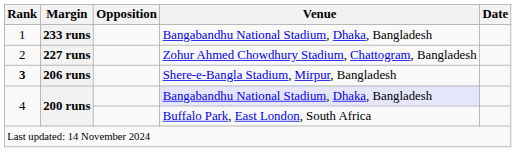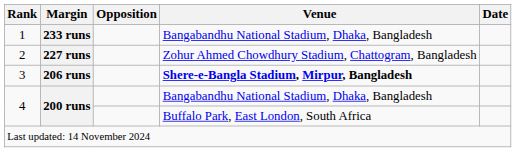 <table class="wikitable plainrowheaders sortable">
 <tr>
 <th scope=col>Rank</th>
 <th scope=col>Margin</th>
 <th scope=col>Opposition</th>
 <th scope=col>Venue</th>
 <th scope=col>Date</th>
 </tr>
 <tr>
 <td align=center>1</td>
 <th scope=row style="text-align:center;">233 runs</th>
 <td></td>
 <td><a href='#'>Bangabandhu National Stadium</a>, <a href='#'>Dhaka</a>, Bangladesh</td>
 <td></td>
 </tr>
 <tr>
 <td align=center>2</td>
 <th scope=row style="text-align:center;">227 runs</th>
 <td></td>
 <td><a href='#'>Zohur Ahmed Chowdhury Stadium</a>, <a href='#'>Chattogram</a>, Bangladesh</td>
 <td></td>
 </tr>
 <tr>
-<td align=center><strong>3</strong></td>
+<td align=center>3</td>
 <th scope=row style=text-align:center;>206 runs</th>
 <td></td>
-<td><a href='#'>Shere-e-Bangla Stadium</a>, <a href='#'>Mirpur</a>, Bangladesh</td>
+<td><strong><a href='#'>Shere-e-Bangla Stadium</a>, <a href='#'>Mirpur</a>, Bangladesh</strong></td>
 <td> </td>
 </tr>
 <tr>
 <td align=center rowspan=2>4</td>
 <th scope=row style=text-align:center; rowspan=2>200 runs</th>
 <td></td>
-<td style="background: lavender;"><a href='#'>Bangabandhu National Stadium</a>, <a href='#'>Dhaka</a>, Bangladesh</td>
+<td><a href='#'>Bangabandhu National Stadium</a>, <a href='#'>Dhaka</a>, Bangladesh</td>
 <td></td>
 </tr>
 <tr>
 <td></td>
 <td><a href='#'>Buffalo Park</a>, <a href='#'>East London</a>, South Africa</td>
 <td></td>
 </tr>
 <tr class="sortbottom">
 <td colspan="5"><small>Last updated: 14 November 2024</small></td>
 </tr>
 </table>
